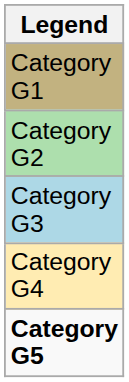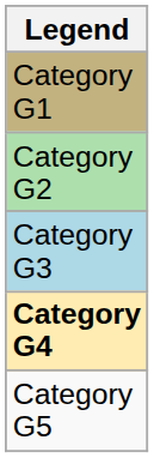 <table class="wikitable" style="font-size:85%; width:10%;">
 <tr>
 <th>Legend</th>
 </tr>
 <tr style="background:#c2b280;">
 <td>Category G1</td>
 </tr>
 <tr style="background:#addfad;">
 <td>Category G2</td>
 </tr>
 <tr style="background:lightblue;">
 <td>Category G3</td>
 </tr>
 <tr style="background:#ffecb2;">
-<td>Category G4</td>
+<td><strong>Category G4</strong></td>
 </tr>
 <tr>
-<td><strong>Category G5</strong></td>
+<td>Category G5</td>
 </tr>
 </table>
